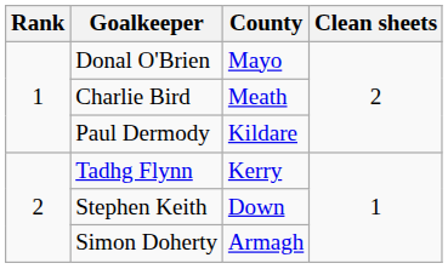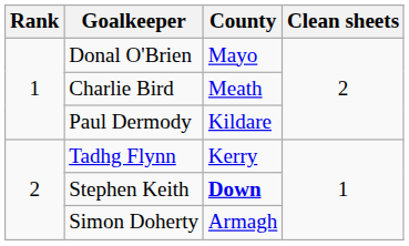 <table class="wikitable">
 <tr>
 <th>Rank</th>
 <th>Goalkeeper</th>
 <th>County</th>
 <th>Clean sheets</th>
 </tr>
 <tr>
 <td rowspan=3 align=center>1</td>
 <td>Donal O'Brien</td>
 <td><a href='#'>Mayo</a></td>
 <td rowspan=3 align=center>2</td>
 </tr>
 <tr>
 <td>Charlie Bird</td>
 <td><a href='#'>Meath</a></td>
 </tr>
 <tr>
 <td>Paul Dermody</td>
 <td><a href='#'>Kildare</a></td>
 </tr>
 <tr>
 <td rowspan=3 align=center>2</td>
 <td><a href='#'>Tadhg Flynn</a></td>
 <td><a href='#'>Kerry</a></td>
 <td rowspan=3 align=center>1</td>
 </tr>
 <tr>
 <td>Stephen Keith</td>
-<td><a href='#'>Down</a></td>
+<td><strong><a href='#'>Down</a></strong></td>
 </tr>
 <tr>
 <td>Simon Doherty</td>
 <td><a href='#'>Armagh</a></td>
 </tr>
 </table>
